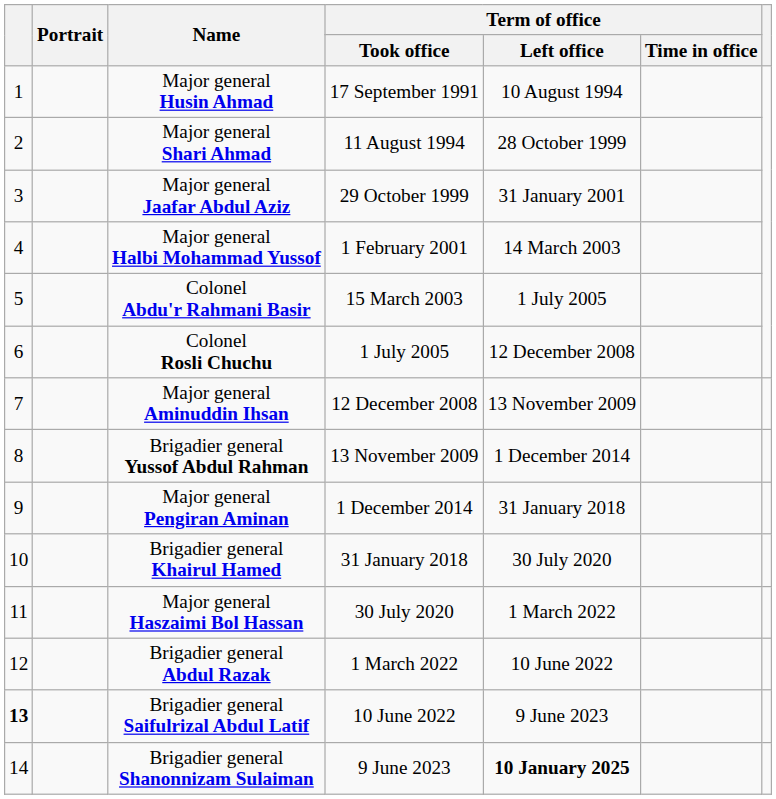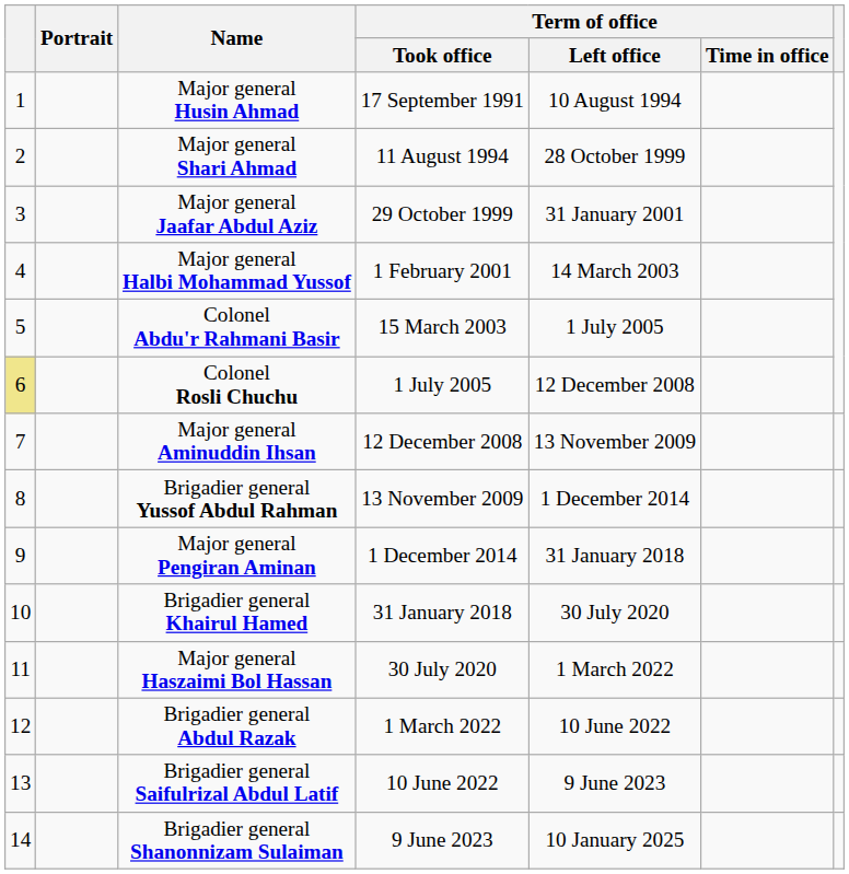 <table class="wikitable" style="text-align:center">
 <tr>
 <th rowspan="2"></th>
 <th rowspan="2">Portrait</th>
 <th rowspan="2">Name<br></th>
 <th colspan="3">Term of office</th>
 <th rowspan="2"></th>
 </tr>
 <tr>
 <th>Took office</th>
 <th>Left office</th>
 <th>Time in office</th>
 </tr>
 <tr>
 <td>1</td>
 <td></td>
 <td>Major general<br><strong><a href='#'>Husin Ahmad</a></strong><br></td>
 <td>17 September 1991</td>
 <td>10 August 1994</td>
 <td></td>
 <td rowspan="6"></td>
 </tr>
 <tr>
 <td>2</td>
 <td></td>
 <td>Major general<br><strong><a href='#'>Shari Ahmad</a></strong></td>
 <td>11 August 1994</td>
 <td>28 October 1999</td>
 <td></td>
 </tr>
 <tr>
 <td>3</td>
 <td></td>
 <td>Major general<br><strong><a href='#'>Jaafar Abdul Aziz</a></strong></td>
 <td>29 October 1999</td>
 <td>31 January 2001</td>
 <td></td>
 </tr>
 <tr>
 <td>4</td>
 <td></td>
 <td>Major general<br><strong><a href='#'>Halbi Mohammad Yussof</a></strong><br></td>
 <td>1 February 2001</td>
 <td>14 March 2003</td>
 <td></td>
 </tr>
 <tr>
 <td>5</td>
 <td></td>
 <td>Colonel<br><strong><a href='#'>Abdu'r Rahmani Basir</a></strong></td>
 <td>15 March 2003</td>
 <td>1 July 2005</td>
 <td></td>
 </tr>
 <tr>
-<td>6</td>
+<td style="background: khaki;">6</td>
 <td></td>
 <td>Colonel<br><strong>Rosli Chuchu</strong></td>
 <td>1 July 2005</td>
 <td>12 December 2008</td>
 <td></td>
 </tr>
 <tr>
 <td>7</td>
 <td></td>
 <td>Major general<br><strong><a href='#'>Aminuddin Ihsan</a></strong><br></td>
 <td>12 December 2008</td>
 <td>13 November 2009</td>
 <td></td>
 <td></td>
 </tr>
 <tr>
 <td>8</td>
 <td></td>
 <td>Brigadier general<br><strong>Yussof Abdul Rahman</strong></td>
 <td>13 November 2009</td>
 <td>1 December 2014</td>
 <td></td>
 <td></td>
 </tr>
 <tr>
 <td>9</td>
 <td></td>
 <td>Major general<br><strong><a href='#'>Pengiran Aminan</a></strong><br></td>
 <td>1 December 2014</td>
 <td>31 January 2018</td>
 <td></td>
 <td></td>
 </tr>
 <tr>
 <td>10</td>
 <td></td>
 <td>Brigadier general<br><strong><a href='#'>Khairul Hamed</a></strong></td>
 <td>31 January 2018</td>
 <td>30 July 2020</td>
 <td></td>
 <td></td>
 </tr>
 <tr>
 <td>11</td>
 <td></td>
 <td>Major general<br><strong><a href='#'>Haszaimi Bol Hassan</a></strong></td>
 <td>30 July 2020</td>
 <td>1 March 2022</td>
 <td></td>
 <td></td>
 </tr>
 <tr>
 <td>12</td>
 <td></td>
 <td>Brigadier general<br><strong><a href='#'>Abdul Razak</a></strong><br></td>
 <td>1 March 2022</td>
 <td>10 June 2022</td>
 <td></td>
 <td></td>
 </tr>
 <tr>
-<td><strong>13</strong></td>
+<td>13</td>
 <td></td>
 <td>Brigadier general<br><strong><a href='#'>Saifulrizal Abdul Latif</a></strong></td>
 <td>10 June 2022</td>
 <td>9 June 2023</td>
 <td></td>
 <td></td>
 </tr>
 <tr>
 <td>14</td>
 <td></td>
 <td>Brigadier general<br> <strong><a href='#'>Shanonnizam Sulaiman</a></strong></td>
 <td>9 June 2023</td>
-<td><strong>10 January 2025</strong></td>
+<td>10 January 2025</td>
 <td></td>
 <td></td>
 </tr>
 </table>
